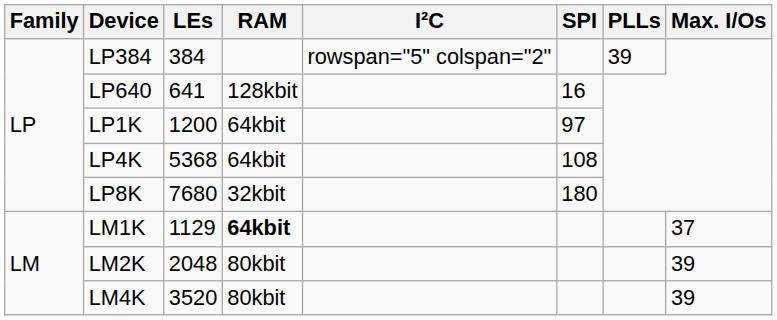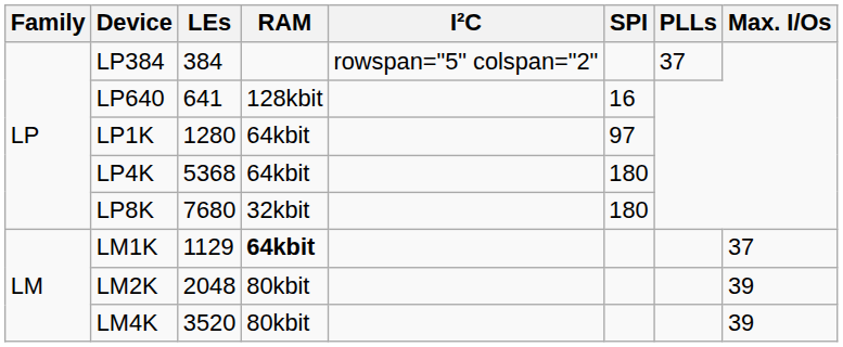 <table class="wikitable floatright">
 <tr>
 <th>Family</th>
 <th>Device</th>
 <th>LEs</th>
 <th>RAM</th>
 <th>I²C</th>
 <th>SPI</th>
 <th>PLLs</th>
 <th>Max. I/Os</th>
 </tr>
 <tr>
 <td scope="row" rowspan="5">LP</td>
 <td>LP384</td>
 <td> 384</td>
 <td></td>
 <td>rowspan="5" colspan="2" </td>
 <td></td>
-<td> 39</td>
+<td> 37</td>
 </tr>
 <tr>
 <td>LP640</td>
 <td> 641</td>
 <td> 128kbit</td>
 <td></td>
 <td> 16</td>
 </tr>
 <tr>
 <td>LP1K</td>
-<td> 1200</td>
+<td> 1280</td>
 <td> 64kbit</td>
 <td></td>
 <td> 97</td>
 </tr>
 <tr>
 <td>LP4K</td>
 <td> 5368</td>
 <td> 64kbit</td>
 <td></td>
-<td> 108</td>
+<td> 180</td>
 </tr>
 <tr>
 <td>LP8K</td>
 <td> 7680</td>
 <td> 32kbit</td>
 <td></td>
 <td> 180</td>
 </tr>
 <tr>
 <td rowspan="3">LM</td>
 <td>LM1K</td>
 <td> 1129</td>
 <td><strong> 64kbit</strong></td>
 <td></td>
 <td></td>
 <td></td>
 <td> 37</td>
 </tr>
 <tr>
 <td>LM2K</td>
 <td> 2048</td>
 <td> 80kbit</td>
 <td></td>
 <td></td>
 <td></td>
 <td> 39</td>
 </tr>
 <tr>
 <td>LM4K</td>
 <td> 3520</td>
 <td> 80kbit</td>
 <td></td>
 <td></td>
 <td></td>
 <td> 39</td>
 </tr>
 </table>
